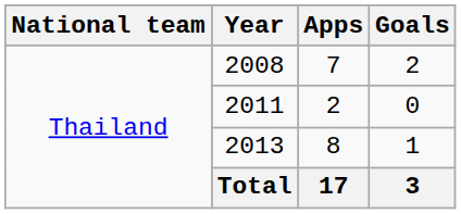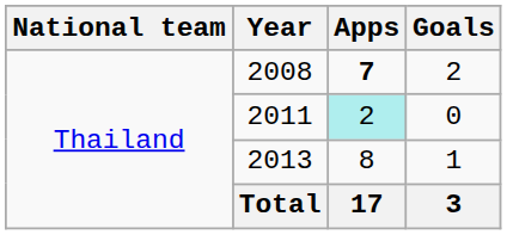 <table class="wikitable" style="text-align:center">
 <tr>
 <th>National team</th>
 <th>Year</th>
 <th>Apps</th>
 <th>Goals</th>
 </tr>
 <tr>
 <td rowspan="4" valign="center"><a href='#'>Thailand</a></td>
 <td>2008</td>
-<td>7</td>
+<td><strong>7</strong></td>
 <td>2</td>
 </tr>
 <tr>
 <td>2011</td>
-<td>2</td>
+<td style="background: paleturquoise;">2</td>
 <td>0</td>
 </tr>
 <tr>
 <td>2013</td>
 <td>8</td>
 <td>1</td>
 </tr>
 <tr>
 <th>Total</th>
 <th>17</th>
 <th>3</th>
 </tr>
 </table>
